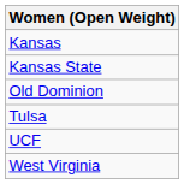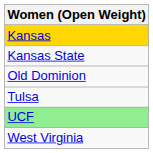 <table class="wikitable">
 <tr>
 <th>Women (Open Weight)</th>
 </tr>
 <tr>
-<td><a href='#'>Kansas</a></td>
+<td style="background: gold;"><a href='#'>Kansas</a></td>
 </tr>
 <tr>
 <td><a href='#'>Kansas State</a></td>
 </tr>
 <tr>
 <td><a href='#'>Old Dominion</a></td>
 </tr>
 <tr>
 <td><a href='#'>Tulsa</a></td>
 </tr>
 <tr>
-<td><a href='#'>UCF</a></td>
+<td style="background: lightgreen;"><a href='#'>UCF</a></td>
 </tr>
 <tr>
 <td><a href='#'>West Virginia</a></td>
 </tr>
 </table>
